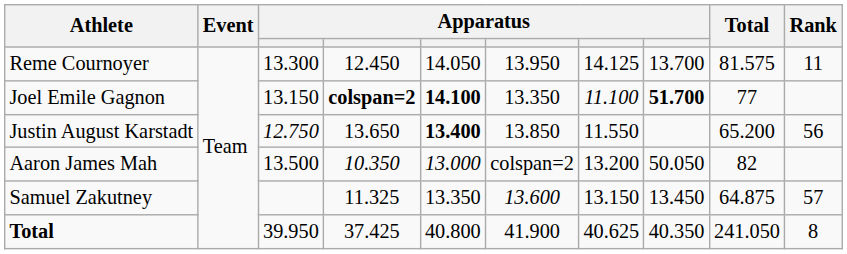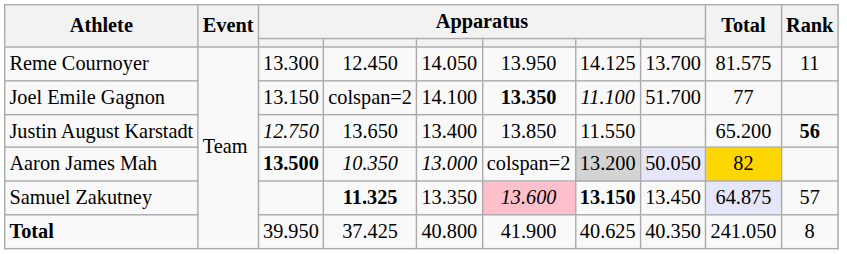 <table class="wikitable" style="font-size:90%">
 <tr>
 <th rowspan=2>Athlete</th>
 <th rowspan=2>Event</th>
 <th colspan=6>Apparatus</th>
 <th rowspan=2>Total</th>
 <th rowspan=2>Rank</th>
 </tr>
 <tr style="font-size:95%">
 <th></th>
 <th></th>
 <th></th>
 <th></th>
 <th></th>
 <th></th>
 </tr>
 <tr align=center>
 <td align=left>Reme Cournoyer</td>
 <td align=left rowspan=6>Team</td>
 <td>13.300</td>
 <td>12.450</td>
 <td>14.050</td>
 <td>13.950</td>
 <td>14.125</td>
 <td>13.700</td>
 <td>81.575</td>
 <td>11</td>
 </tr>
 <tr align=center>
 <td align=left>Joel Emile Gagnon</td>
 <td>13.150</td>
-<td><strong>colspan=2 </strong></td>
-<td><strong>14.100</strong></td>
-<td>13.350</td>
+<td>colspan=2 </td>
+<td>14.100</td>
+<td><strong>13.350</strong></td>
 <td><em>11.100</em></td>
-<td><strong>51.700</strong></td>
+<td>51.700</td>
 <td>77</td>
 </tr>
 <tr align=center>
 <td align=left>Justin August Karstadt</td>
 <td><em>12.750</em></td>
 <td>13.650</td>
-<td><strong>13.400</strong></td>
+<td>13.400</td>
 <td>13.850</td>
 <td>11.550</td>
 <td></td>
 <td>65.200</td>
-<td>56</td>
+<td><strong>56</strong></td>
 </tr>
 <tr align=center>
 <td align=left>Aaron James Mah</td>
-<td>13.500</td>
+<td><strong>13.500</strong></td>
 <td><em>10.350</em></td>
 <td><em>13.000</em></td>
 <td>colspan=2 </td>
-<td>13.200</td>
-<td>50.050</td>
-<td>82</td>
+<td style="background: lightgrey;">13.200</td>
+<td style="background: lavender;">50.050</td>
+<td style="background: gold;">82</td>
 </tr>
 <tr align=center>
 <td align=left>Samuel Zakutney</td>
 <td></td>
-<td>11.325</td>
+<td><strong>11.325</strong></td>
 <td>13.350</td>
-<td><em>13.600</em></td>
-<td>13.150</td>
+<td style="background: pink;"><em>13.600</em></td>
+<td><strong>13.150</strong></td>
 <td>13.450</td>
-<td>64.875</td>
+<td style="background: lavender;">64.875</td>
 <td>57</td>
 </tr>
 <tr align=center>
 <td align=left><strong>Total</strong></td>
 <td>39.950</td>
 <td>37.425</td>
 <td>40.800</td>
 <td>41.900</td>
 <td>40.625</td>
 <td>40.350</td>
 <td>241.050</td>
 <td>8</td>
 </tr>
 </table>
